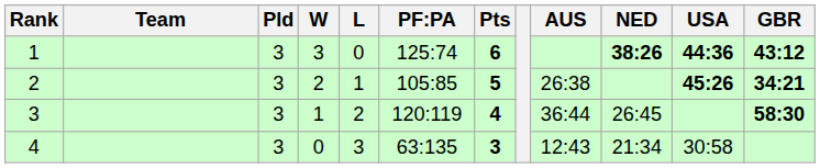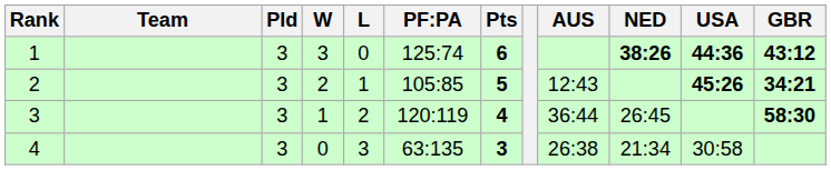 <table class="wikitable" style="text-align:center">
 <tr>
 <th width=25>Rank</th>
 <th width=150>Team</th>
 <th width=25>Pld</th>
 <th width=25>W</th>
 <th width=25>L</th>
 <th width=70>PF:PA</th>
 <th width=25>Pts</th>
 <th rowspan="5"> </th>
 <th width=50>AUS</th>
 <th width=50>NED</th>
 <th width=50>USA</th>
 <th width=50>GBR</th>
 </tr>
 <tr style="background:#ccffcc;">
 <td>1</td>
 <td style="text-align:left"></td>
 <td>3</td>
 <td>3</td>
 <td>0</td>
 <td>125:74</td>
 <td><strong>6</strong></td>
 <td></td>
 <td><strong>38:26</strong></td>
 <td><strong>44:36</strong></td>
 <td><strong>43:12</strong></td>
 </tr>
 <tr style="background:#ccffcc;">
 <td>2</td>
 <td style="text-align:left"></td>
 <td>3</td>
 <td>2</td>
 <td>1</td>
 <td>105:85</td>
 <td><strong>5</strong></td>
-<td>26:38</td>
+<td>12:43</td>
 <td></td>
 <td><strong>45:26</strong></td>
 <td><strong>34:21</strong></td>
 </tr>
 <tr style="background:#ccffcc;">
 <td>3</td>
 <td style="text-align:left"></td>
 <td>3</td>
 <td>1</td>
 <td>2</td>
 <td>120:119</td>
 <td><strong>4</strong></td>
 <td>36:44</td>
 <td>26:45</td>
 <td></td>
 <td><strong>58:30</strong></td>
 </tr>
 <tr style="background:#ccffcc;">
 <td>4</td>
 <td style="text-align:left"></td>
 <td>3</td>
 <td>0</td>
 <td>3</td>
 <td>63:135</td>
 <td><strong>3</strong></td>
-<td>12:43</td>
+<td>26:38</td>
 <td>21:34</td>
 <td>30:58</td>
 <td></td>
 </tr>
 </table>
